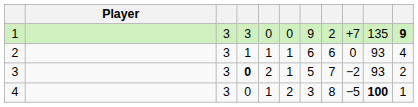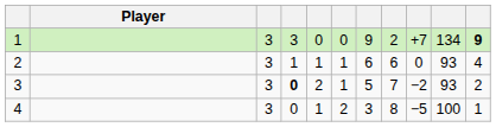 <table class="wikitable" style="text-align:center; margin: 1em auto 1em auto, align:left">
 <tr>
 <th width=20></th>
 <th width=240>Player</th>
 <th width=20></th>
 <th width=20></th>
 <th width=20></th>
 <th width=20></th>
 <th width=20></th>
 <th width=20></th>
 <th width=20></th>
 <th width=30></th>
 <th width=20></th>
 </tr>
 <tr style="background:#D0F0C0;">
 <td>1</td>
 <td align=left></td>
 <td>3</td>
 <td>3</td>
 <td>0</td>
 <td>0</td>
 <td>9</td>
 <td>2</td>
 <td>+7</td>
-<td>135</td>
+<td>134</td>
 <td><strong>9</strong></td>
 </tr>
 <tr style=>
 <td>2</td>
 <td align=left></td>
 <td>3</td>
 <td>1</td>
 <td>1</td>
 <td>1</td>
 <td>6</td>
 <td>6</td>
 <td>0</td>
 <td>93</td>
 <td>4</td>
 </tr>
 <tr style=>
 <td>3</td>
 <td align=left></td>
 <td>3</td>
 <td><strong>0</strong></td>
 <td>2</td>
 <td>1</td>
 <td>5</td>
 <td>7</td>
 <td>−2</td>
 <td>93</td>
 <td>2</td>
 </tr>
 <tr style=>
 <td>4</td>
 <td align=left></td>
 <td>3</td>
 <td>0</td>
 <td>1</td>
 <td>2</td>
 <td>3</td>
 <td>8</td>
 <td>−5</td>
-<td><strong>100</strong></td>
+<td>100</td>
 <td>1</td>
 </tr>
 </table>
